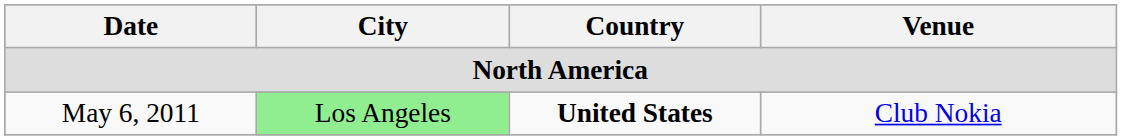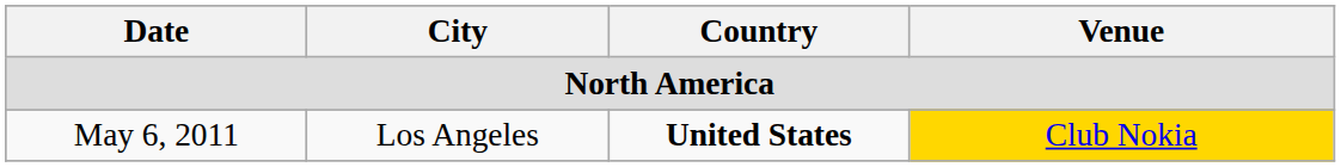 <table class="wikitable" style="text-align:center;">
 <tr>
 <th style="width:140px;">Date</th>
 <th style="width:140px;">City</th>
 <th style="width:140px;">Country</th>
 <th style="width:200px;">Venue</th>
 </tr>
 <tr style="background:#ddd;">
 <td colspan="4"><strong>North America</strong></td>
 </tr>
 <tr>
 <td>May 6, 2011</td>
-<td style="background: lightgreen;">Los Angeles</td>
+<td>Los Angeles</td>
 <td><strong>United States</strong></td>
-<td><a href='#'>Club Nokia</a></td>
+<td style="background: gold;"><a href='#'>Club Nokia</a></td>
 </tr>
 </table>
